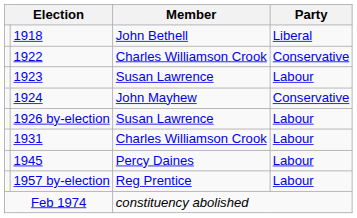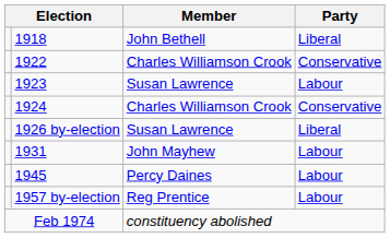 <table class="wikitable">
 <tr>
 <th colspan="2">Election</th>
 <th>Member</th>
 <th>Party</th>
 </tr>
 <tr>
 <td style="color:inherit;background-color: "></td>
 <td><a href='#'>1918</a></td>
 <td><a href='#'>John Bethell</a></td>
 <td><a href='#'>Liberal</a></td>
 </tr>
 <tr>
 <td style="color:inherit;background-color: "></td>
 <td><a href='#'>1922</a></td>
 <td><a href='#'>Charles Williamson Crook</a></td>
 <td><a href='#'>Conservative</a></td>
 </tr>
 <tr>
 <td style="color:inherit;background-color: "></td>
 <td><a href='#'>1923</a></td>
 <td><a href='#'>Susan Lawrence</a></td>
 <td><a href='#'>Labour</a></td>
 </tr>
 <tr>
 <td style="color:inherit;background-color: "></td>
 <td><a href='#'>1924</a></td>
-<td><a href='#'>John Mayhew</a></td>
+<td><a href='#'>Charles Williamson Crook</a></td>
 <td><a href='#'>Conservative</a></td>
 </tr>
 <tr>
 <td style="color:inherit;background-color: "></td>
 <td><a href='#'>1926 by-election</a></td>
 <td><a href='#'>Susan Lawrence</a></td>
-<td><a href='#'>Labour</a></td>
+<td><a href='#'>Liberal</a></td>
 </tr>
 <tr>
 <td style="color:inherit;background-color: "></td>
 <td><a href='#'>1931</a></td>
-<td><a href='#'>Charles Williamson Crook</a></td>
+<td><a href='#'>John Mayhew</a></td>
 <td><a href='#'>Labour</a></td>
 </tr>
 <tr>
 <td style="color:inherit;background-color: "></td>
 <td><a href='#'>1945</a></td>
 <td><a href='#'>Percy Daines</a></td>
 <td><a href='#'>Labour</a></td>
 </tr>
 <tr>
 <td style="color:inherit;background-color: "></td>
 <td><a href='#'>1957 by-election</a></td>
 <td><a href='#'>Reg Prentice</a></td>
 <td><a href='#'>Labour</a></td>
 </tr>
 <tr>
 <td colspan="2" align="center"><a href='#'>Feb 1974</a></td>
 <td colspan="2"><em>constituency abolished</em></td>
 </tr>
 </table>
